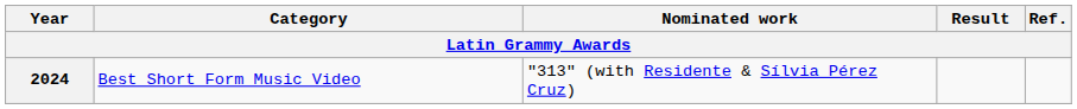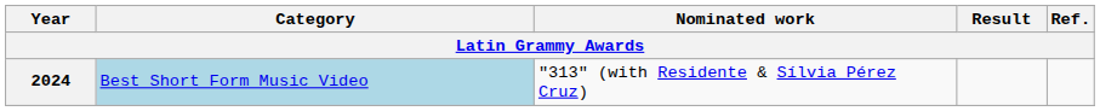 <table class=wikitable>
 <tr>
 <th scope="col" style="width:5em;">Year</th>
 <th scope="col" style="width:26em;">Category</th>
 <th scope="col" style="width:25em;">Nominated work</th>
 <th scope="col" style="width:5em;">Result</th>
 <th>Ref.</th>
 </tr>
 <tr>
 <th colspan=5><a href='#'>Latin Grammy Awards</a></th>
 </tr>
 <tr>
 <th style="text-align:center;">2024</th>
-<td><a href='#'>Best Short Form Music Video</a></td>
+<td style="background: lightblue;"><a href='#'>Best Short Form Music Video</a></td>
 <td>"313" (with <a href='#'>Residente</a> & <a href='#'>Sílvia Pérez Cruz</a>)</td>
 <td></td>
 <td style="text-align:center;"></td>
 </tr>
 <tr>
 </tr>
 </table>
